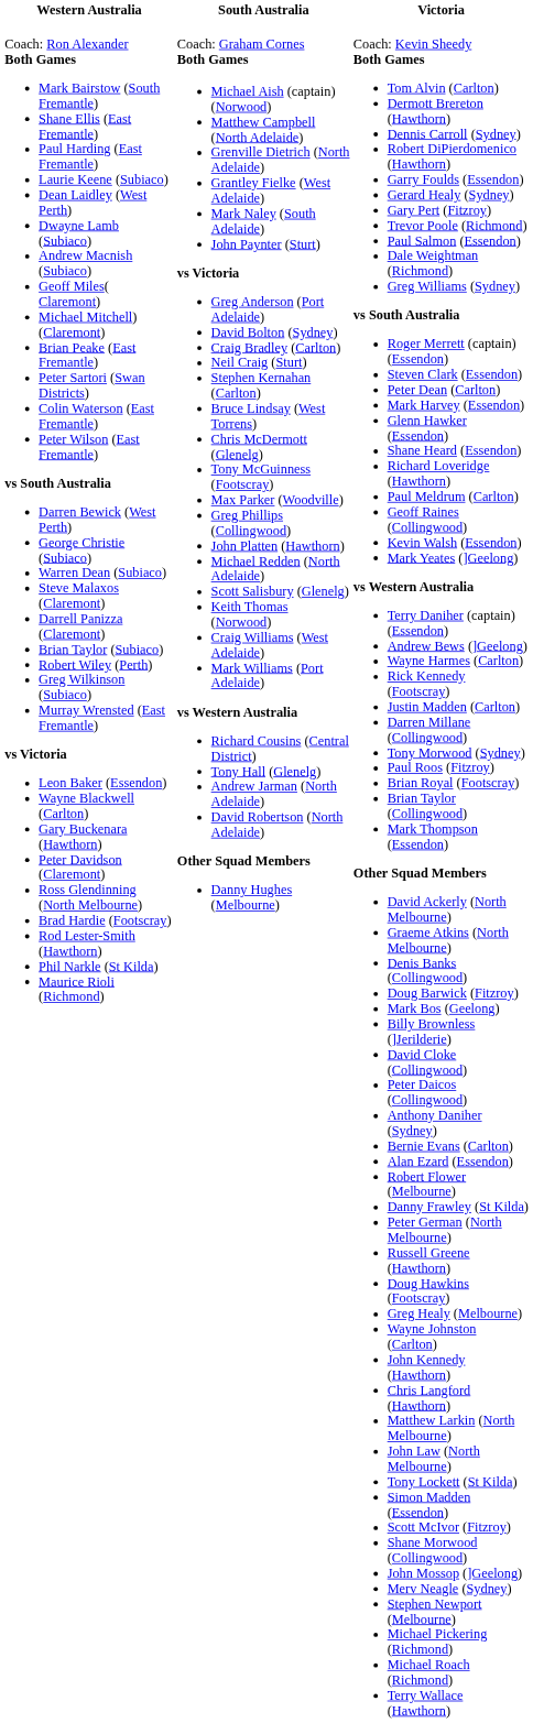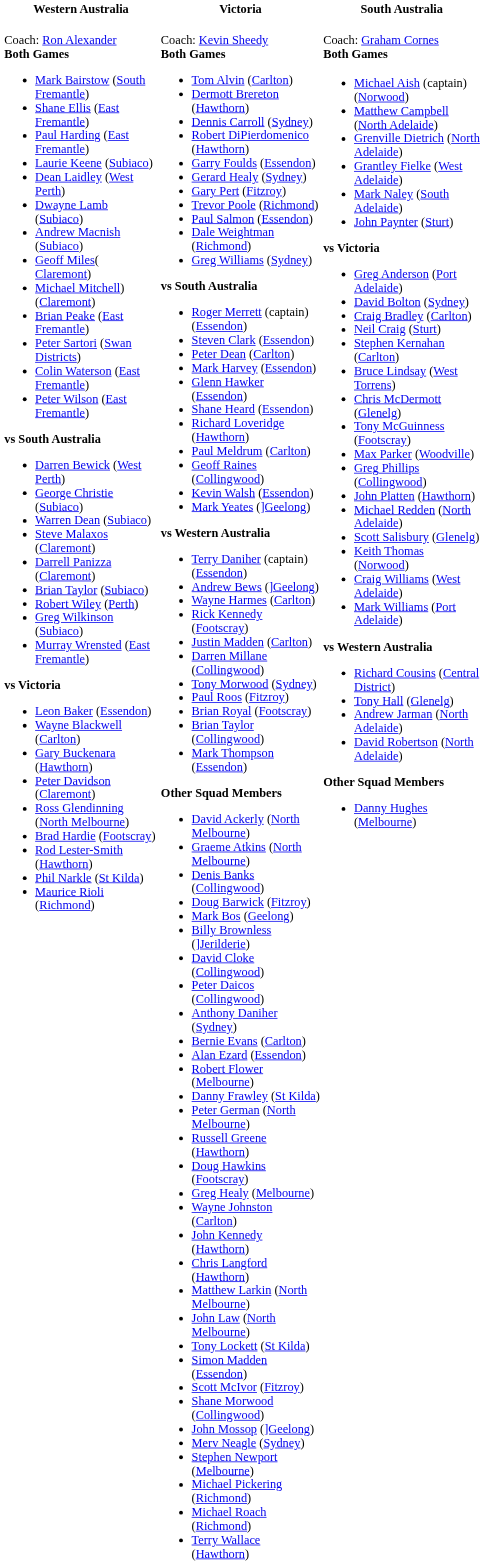 <table>
 <tr>
 <th><span>Western Australia </span></th>
+<th><span>Victoria </span> </th>
 <th><span>South Australia </span></th>
-<th><span>Victoria </span> </th>
 </tr>
 <tr valign="top">
 <td><br>Coach: <a href='#'>Ron Alexander</a><br> <strong>Both Games</strong><ul><li><a href='#'>Mark Bairstow</a> (<a href='#'>South Fremantle</a>)</li><li><a href='#'>Shane Ellis</a> (<a href='#'>East Fremantle</a>)</li><li><a href='#'>Paul Harding</a> (<a href='#'>East Fremantle</a>)</li><li><a href='#'>Laurie Keene</a> (<a href='#'>Subiaco</a>)</li><li><a href='#'>Dean Laidley</a> (<a href='#'>West Perth</a>)</li><li><a href='#'>Dwayne Lamb</a> (<a href='#'>Subiaco</a>)</li><li><a href='#'>Andrew Macnish</a> (<a href='#'>Subiaco</a>)</li><li><a href='#'>Geoff Miles</a>( <a href='#'>Claremont</a>)</li><li><a href='#'>Michael Mitchell</a>) (<a href='#'>Claremont</a>)</li><li><a href='#'>Brian Peake</a> (<a href='#'>East Fremantle</a>)</li><li><a href='#'>Peter Sartori</a> (<a href='#'>Swan Districts</a>)</li><li><a href='#'>Colin Waterson</a> (<a href='#'>East Fremantle</a>)</li><li><a href='#'>Peter Wilson</a> (<a href='#'>East Fremantle</a>)</li></ul><strong>vs South Australia</strong><ul><li><a href='#'>Darren Bewick</a> (<a href='#'>West Perth</a>)</li><li><a href='#'>George Christie</a> (<a href='#'>Subiaco</a>)</li><li><a href='#'>Warren Dean</a> (<a href='#'>Subiaco</a>)</li><li><a href='#'>Steve Malaxos</a> (<a href='#'>Claremont</a>)</li><li><a href='#'>Darrell Panizza</a> (<a href='#'>Claremont</a>)</li><li><a href='#'>Brian Taylor</a> (<a href='#'>Subiaco</a>)</li><li><a href='#'>Robert Wiley</a> (<a href='#'>Perth</a>)</li><li><a href='#'>Greg Wilkinson</a> (<a href='#'>Subiaco</a>)</li><li><a href='#'>Murray Wrensted</a> (<a href='#'>East Fremantle</a>)</li></ul><strong>vs Victoria</strong><ul><li><a href='#'>Leon Baker</a> (<a href='#'>Essendon</a>)</li><li><a href='#'>Wayne Blackwell</a> (<a href='#'>Carlton</a>)</li><li><a href='#'>Gary Buckenara</a> (<a href='#'>Hawthorn</a>)</li><li><a href='#'>Peter Davidson</a> (<a href='#'>Claremont</a>)</li><li><a href='#'>Ross Glendinning</a> (<a href='#'>North Melbourne</a>)</li><li><a href='#'>Brad Hardie</a> (<a href='#'>Footscray</a>)</li><li><a href='#'>Rod Lester-Smith</a> (<a href='#'>Hawthorn</a>)</li><li><a href='#'>Phil Narkle</a> (<a href='#'>St Kilda</a>)</li><li><a href='#'>Maurice Rioli</a> (<a href='#'>Richmond</a>)</li></ul></td>
+<td><br>Coach: <a href='#'>Kevin Sheedy</a><br> <strong>Both Games</strong><ul><li><a href='#'>Tom Alvin</a> (<a href='#'>Carlton</a>)</li><li><a href='#'>Dermott Brereton</a> (<a href='#'>Hawthorn</a>)</li><li><a href='#'>Dennis Carroll</a> (<a href='#'>Sydney</a>)</li><li><a href='#'>Robert DiPierdomenico</a> (<a href='#'>Hawthorn</a>)</li><li><a href='#'>Garry Foulds</a> (<a href='#'>Essendon</a>)</li><li><a href='#'>Gerard Healy</a> (<a href='#'>Sydney</a>)</li><li><a href='#'>Gary Pert</a> (<a href='#'>Fitzroy</a>)</li><li><a href='#'>Trevor Poole</a> (<a href='#'>Richmond</a>)</li><li><a href='#'>Paul Salmon</a> (<a href='#'>Essendon</a>)</li><li><a href='#'>Dale Weightman</a> (<a href='#'>Richmond</a>)</li><li><a href='#'>Greg Williams</a> (<a href='#'>Sydney</a>)</li></ul><strong>vs South Australia</strong><ul><li><a href='#'>Roger Merrett</a> (captain) (<a href='#'>Essendon</a>)</li><li><a href='#'>Steven Clark</a> (<a href='#'>Essendon</a>)</li><li><a href='#'>Peter Dean</a> (<a href='#'>Carlton</a>)</li><li><a href='#'>Mark Harvey</a> (<a href='#'>Essendon</a>)</li><li><a href='#'>Glenn Hawker</a> (<a href='#'>Essendon</a>)</li><li><a href='#'>Shane Heard</a> (<a href='#'>Essendon</a>)</li><li><a href='#'>Richard Loveridge</a> (<a href='#'>Hawthorn</a>)</li><li><a href='#'>Paul Meldrum</a> (<a href='#'>Carlton</a>)</li><li><a href='#'>Geoff Raines</a> (<a href='#'>Collingwood</a>)</li><li><a href='#'>Kevin Walsh</a> (<a href='#'>Essendon</a>)</li><li><a href='#'>Mark Yeates</a> (<a href='#'>]Geelong</a>)</li></ul><strong>vs Western Australia</strong><ul><li><a href='#'>Terry Daniher</a> (captain) (<a href='#'>Essendon</a>)</li><li><a href='#'>Andrew Bews</a> (<a href='#'>]Geelong</a>)</li><li><a href='#'>Wayne Harmes</a> (<a href='#'>Carlton</a>)</li><li><a href='#'>Rick Kennedy</a> (<a href='#'>Footscray</a>)</li><li><a href='#'>Justin Madden</a> (<a href='#'>Carlton</a>)</li><li><a href='#'>Darren Millane</a> (<a href='#'>Collingwood</a>)</li><li><a href='#'>Tony Morwood</a> (<a href='#'>Sydney</a>)</li><li><a href='#'>Paul Roos</a> (<a href='#'>Fitzroy</a>)</li><li><a href='#'>Brian Royal</a> (<a href='#'>Footscray</a>)</li><li><a href='#'>Brian Taylor</a> (<a href='#'>Collingwood</a>)</li><li><a href='#'>Mark Thompson</a> (<a href='#'>Essendon</a>)</li></ul><strong>Other Squad Members</strong><ul><li><a href='#'>David Ackerly</a> (<a href='#'>North Melbourne</a>)</li><li><a href='#'>Graeme Atkins</a> (<a href='#'>North Melbourne</a>)</li><li><a href='#'>Denis Banks</a> (<a href='#'>Collingwood</a>)</li><li><a href='#'>Doug Barwick</a> (<a href='#'>Fitzroy</a>)</li><li><a href='#'>Mark Bos</a> (<a href='#'>Geelong</a>)</li><li><a href='#'>Billy Brownless</a> (<a href='#'>]Jerilderie</a>)</li><li><a href='#'>David Cloke</a> (<a href='#'>Collingwood</a>)</li><li><a href='#'>Peter Daicos</a> (<a href='#'>Collingwood</a>)</li><li><a href='#'>Anthony Daniher</a> (<a href='#'>Sydney</a>)</li><li><a href='#'>Bernie Evans</a> (<a href='#'>Carlton</a>)</li><li><a href='#'>Alan Ezard</a> (<a href='#'>Essendon</a>)</li><li><a href='#'>Robert Flower</a> (<a href='#'>Melbourne</a>)</li><li><a href='#'>Danny Frawley</a> (<a href='#'>St Kilda</a>)</li><li><a href='#'>Peter German</a> (<a href='#'>North Melbourne</a>)</li><li><a href='#'>Russell Greene</a> (<a href='#'>Hawthorn</a>)</li><li><a href='#'>Doug Hawkins</a> (<a href='#'>Footscray</a>)</li><li><a href='#'>Greg Healy</a> (<a href='#'>Melbourne</a>)</li><li><a href='#'>Wayne Johnston</a> (<a href='#'>Carlton</a>)</li><li><a href='#'>John Kennedy</a> (<a href='#'>Hawthorn</a>)</li><li><a href='#'>Chris Langford</a> (<a href='#'>Hawthorn</a>)</li><li><a href='#'>Matthew Larkin</a> (<a href='#'>North Melbourne</a>)</li><li><a href='#'>John Law</a> (<a href='#'>North Melbourne</a>)</li><li><a href='#'>Tony Lockett</a> (<a href='#'>St Kilda</a>)</li><li><a href='#'>Simon Madden</a> (<a href='#'>Essendon</a>)</li><li><a href='#'>Scott McIvor</a> (<a href='#'>Fitzroy</a>)</li><li><a href='#'>Shane Morwood</a> (<a href='#'>Collingwood</a>)</li><li><a href='#'>John Mossop</a> (<a href='#'>]Geelong</a>)</li><li><a href='#'>Merv Neagle</a> (<a href='#'>Sydney</a>)</li><li><a href='#'>Stephen Newport</a> (<a href='#'>Melbourne</a>)</li><li><a href='#'>Michael Pickering</a> (<a href='#'>Richmond</a>)</li><li><a href='#'>Michael Roach</a> (<a href='#'>Richmond</a>)</li><li><a href='#'>Terry Wallace</a> (<a href='#'>Hawthorn</a>)</li></ul></td>
 <td><br>Coach: <a href='#'>Graham Cornes</a><br> <sub></sub> <strong>Both Games</strong><ul><li><a href='#'>Michael Aish</a> (captain) (<a href='#'>Norwood</a>)</li><li><a href='#'>Matthew Campbell</a> (<a href='#'>North Adelaide</a>)</li><li><a href='#'>Grenville Dietrich</a> (<a href='#'>North Adelaide</a>)</li><li><a href='#'>Grantley Fielke</a> (<a href='#'>West Adelaide</a>)</li><li><a href='#'>Mark Naley</a> (<a href='#'>South Adelaide</a>)</li><li><a href='#'>John Paynter</a> (<a href='#'>Sturt</a>)</li></ul><strong>vs Victoria</strong><ul><li><a href='#'>Greg Anderson</a> (<a href='#'>Port Adelaide</a>)</li><li><a href='#'>David Bolton</a> (<a href='#'>Sydney</a>)</li><li><a href='#'>Craig Bradley</a> (<a href='#'>Carlton</a>)</li><li><a href='#'>Neil Craig</a> (<a href='#'>Sturt</a>)</li><li><a href='#'>Stephen Kernahan</a> (<a href='#'>Carlton</a>)</li><li><a href='#'>Bruce Lindsay</a> (<a href='#'>West Torrens</a>)</li><li><a href='#'>Chris McDermott</a> (<a href='#'>Glenelg</a>)</li><li><a href='#'>Tony McGuinness</a> (<a href='#'>Footscray</a>)</li><li><a href='#'>Max Parker</a> (<a href='#'>Woodville</a>)</li><li><a href='#'>Greg Phillips</a> (<a href='#'>Collingwood</a>)</li><li><a href='#'>John Platten</a> (<a href='#'>Hawthorn</a>)</li><li><a href='#'>Michael Redden</a> (<a href='#'>North Adelaide</a>)</li><li><a href='#'>Scott Salisbury</a> (<a href='#'>Glenelg</a>)</li><li><a href='#'>Keith Thomas</a> (<a href='#'>Norwood</a>)</li><li><a href='#'>Craig Williams</a> (<a href='#'>West Adelaide</a>)</li><li><a href='#'>Mark Williams</a> (<a href='#'>Port Adelaide</a>)</li></ul><strong>vs Western Australia</strong><ul><li><a href='#'>Richard Cousins</a> (<a href='#'>Central District</a>)</li><li><a href='#'>Tony Hall</a> (<a href='#'>Glenelg</a>)</li><li><a href='#'>Andrew Jarman</a> (<a href='#'>North Adelaide</a>)</li><li><a href='#'>David Robertson</a> (<a href='#'>North Adelaide</a>)</li></ul><strong>Other Squad Members</strong><ul><li><a href='#'>Danny Hughes</a> (<a href='#'>Melbourne</a>)</li></ul></td>
-<td><br>Coach: <a href='#'>Kevin Sheedy</a><br> <strong>Both Games</strong><ul><li><a href='#'>Tom Alvin</a> (<a href='#'>Carlton</a>)</li><li><a href='#'>Dermott Brereton</a> (<a href='#'>Hawthorn</a>)</li><li><a href='#'>Dennis Carroll</a> (<a href='#'>Sydney</a>)</li><li><a href='#'>Robert DiPierdomenico</a> (<a href='#'>Hawthorn</a>)</li><li><a href='#'>Garry Foulds</a> (<a href='#'>Essendon</a>)</li><li><a href='#'>Gerard Healy</a> (<a href='#'>Sydney</a>)</li><li><a href='#'>Gary Pert</a> (<a href='#'>Fitzroy</a>)</li><li><a href='#'>Trevor Poole</a> (<a href='#'>Richmond</a>)</li><li><a href='#'>Paul Salmon</a> (<a href='#'>Essendon</a>)</li><li><a href='#'>Dale Weightman</a> (<a href='#'>Richmond</a>)</li><li><a href='#'>Greg Williams</a> (<a href='#'>Sydney</a>)</li></ul><strong>vs South Australia</strong><ul><li><a href='#'>Roger Merrett</a> (captain) (<a href='#'>Essendon</a>)</li><li><a href='#'>Steven Clark</a> (<a href='#'>Essendon</a>)</li><li><a href='#'>Peter Dean</a> (<a href='#'>Carlton</a>)</li><li><a href='#'>Mark Harvey</a> (<a href='#'>Essendon</a>)</li><li><a href='#'>Glenn Hawker</a> (<a href='#'>Essendon</a>)</li><li><a href='#'>Shane Heard</a> (<a href='#'>Essendon</a>)</li><li><a href='#'>Richard Loveridge</a> (<a href='#'>Hawthorn</a>)</li><li><a href='#'>Paul Meldrum</a> (<a href='#'>Carlton</a>)</li><li><a href='#'>Geoff Raines</a> (<a href='#'>Collingwood</a>)</li><li><a href='#'>Kevin Walsh</a> (<a href='#'>Essendon</a>)</li><li><a href='#'>Mark Yeates</a> (<a href='#'>]Geelong</a>)</li></ul><strong>vs Western Australia</strong><ul><li><a href='#'>Terry Daniher</a> (captain) (<a href='#'>Essendon</a>)</li><li><a href='#'>Andrew Bews</a> (<a href='#'>]Geelong</a>)</li><li><a href='#'>Wayne Harmes</a> (<a href='#'>Carlton</a>)</li><li><a href='#'>Rick Kennedy</a> (<a href='#'>Footscray</a>)</li><li><a href='#'>Justin Madden</a> (<a href='#'>Carlton</a>)</li><li><a href='#'>Darren Millane</a> (<a href='#'>Collingwood</a>)</li><li><a href='#'>Tony Morwood</a> (<a href='#'>Sydney</a>)</li><li><a href='#'>Paul Roos</a> (<a href='#'>Fitzroy</a>)</li><li><a href='#'>Brian Royal</a> (<a href='#'>Footscray</a>)</li><li><a href='#'>Brian Taylor</a> (<a href='#'>Collingwood</a>)</li><li><a href='#'>Mark Thompson</a> (<a href='#'>Essendon</a>)</li></ul><strong>Other Squad Members</strong><ul><li><a href='#'>David Ackerly</a> (<a href='#'>North Melbourne</a>)</li><li><a href='#'>Graeme Atkins</a> (<a href='#'>North Melbourne</a>)</li><li><a href='#'>Denis Banks</a> (<a href='#'>Collingwood</a>)</li><li><a href='#'>Doug Barwick</a> (<a href='#'>Fitzroy</a>)</li><li><a href='#'>Mark Bos</a> (<a href='#'>Geelong</a>)</li><li><a href='#'>Billy Brownless</a> (<a href='#'>]Jerilderie</a>)</li><li><a href='#'>David Cloke</a> (<a href='#'>Collingwood</a>)</li><li><a href='#'>Peter Daicos</a> (<a href='#'>Collingwood</a>)</li><li><a href='#'>Anthony Daniher</a> (<a href='#'>Sydney</a>)</li><li><a href='#'>Bernie Evans</a> (<a href='#'>Carlton</a>)</li><li><a href='#'>Alan Ezard</a> (<a href='#'>Essendon</a>)</li><li><a href='#'>Robert Flower</a> (<a href='#'>Melbourne</a>)</li><li><a href='#'>Danny Frawley</a> (<a href='#'>St Kilda</a>)</li><li><a href='#'>Peter German</a> (<a href='#'>North Melbourne</a>)</li><li><a href='#'>Russell Greene</a> (<a href='#'>Hawthorn</a>)</li><li><a href='#'>Doug Hawkins</a> (<a href='#'>Footscray</a>)</li><li><a href='#'>Greg Healy</a> (<a href='#'>Melbourne</a>)</li><li><a href='#'>Wayne Johnston</a> (<a href='#'>Carlton</a>)</li><li><a href='#'>John Kennedy</a> (<a href='#'>Hawthorn</a>)</li><li><a href='#'>Chris Langford</a> (<a href='#'>Hawthorn</a>)</li><li><a href='#'>Matthew Larkin</a> (<a href='#'>North Melbourne</a>)</li><li><a href='#'>John Law</a> (<a href='#'>North Melbourne</a>)</li><li><a href='#'>Tony Lockett</a> (<a href='#'>St Kilda</a>)</li><li><a href='#'>Simon Madden</a> (<a href='#'>Essendon</a>)</li><li><a href='#'>Scott McIvor</a> (<a href='#'>Fitzroy</a>)</li><li><a href='#'>Shane Morwood</a> (<a href='#'>Collingwood</a>)</li><li><a href='#'>John Mossop</a> (<a href='#'>]Geelong</a>)</li><li><a href='#'>Merv Neagle</a> (<a href='#'>Sydney</a>)</li><li><a href='#'>Stephen Newport</a> (<a href='#'>Melbourne</a>)</li><li><a href='#'>Michael Pickering</a> (<a href='#'>Richmond</a>)</li><li><a href='#'>Michael Roach</a> (<a href='#'>Richmond</a>)</li><li><a href='#'>Terry Wallace</a> (<a href='#'>Hawthorn</a>)</li></ul></td>
 </tr>
 </table>
